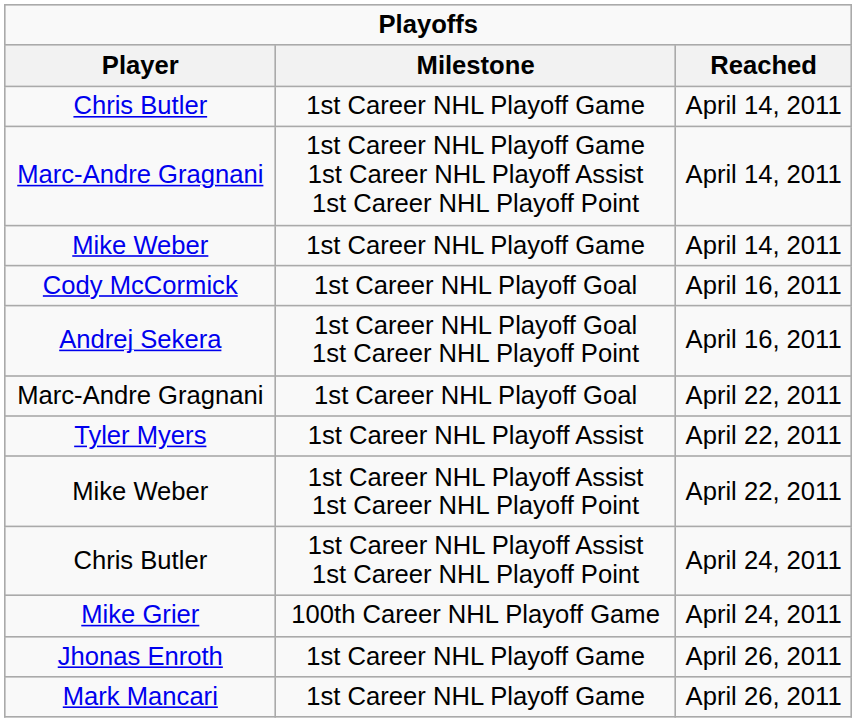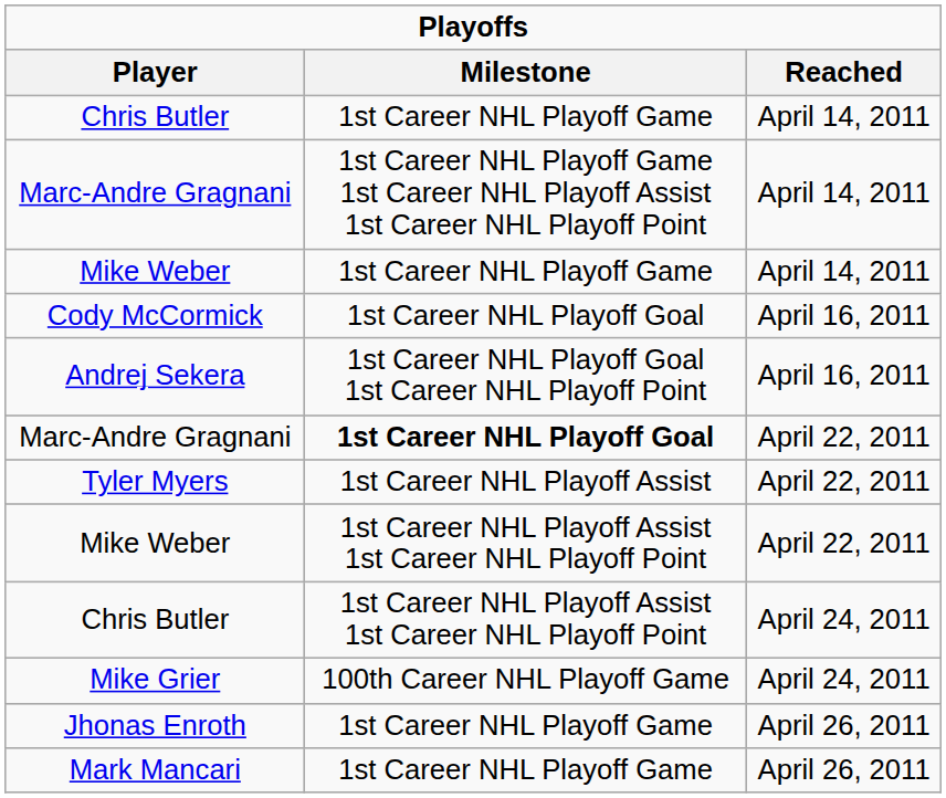 <table class="wikitable" width="60%" style="text-align:center">
 <tr>
 <td colspan="10" align="center"><strong>Playoffs</strong></td>
 </tr>
 <tr>
 <th>Player</th>
 <th>Milestone</th>
 <th>Reached</th>
 </tr>
 <tr>
 <td><a href='#'>Chris Butler</a></td>
 <td>1st Career NHL Playoff Game</td>
 <td>April 14, 2011</td>
 </tr>
 <tr>
 <td><a href='#'>Marc-Andre Gragnani</a></td>
 <td>1st Career NHL Playoff Game<br>1st Career NHL Playoff Assist<br>1st Career NHL Playoff Point</td>
 <td>April 14, 2011</td>
 </tr>
 <tr>
 <td><a href='#'>Mike Weber</a></td>
 <td>1st Career NHL Playoff Game</td>
 <td>April 14, 2011</td>
 </tr>
 <tr>
 <td><a href='#'>Cody McCormick</a></td>
 <td>1st Career NHL Playoff Goal</td>
 <td>April 16, 2011</td>
 </tr>
 <tr>
 <td><a href='#'>Andrej Sekera</a></td>
 <td>1st Career NHL Playoff Goal<br>1st Career NHL Playoff Point</td>
 <td>April 16, 2011</td>
 </tr>
 <tr>
 <td>Marc-Andre Gragnani</td>
-<td>1st Career NHL Playoff Goal</td>
+<td><strong>1st Career NHL Playoff Goal</strong></td>
 <td>April 22, 2011</td>
 </tr>
 <tr>
 <td><a href='#'>Tyler Myers</a></td>
 <td>1st Career NHL Playoff Assist</td>
 <td>April 22, 2011</td>
 </tr>
 <tr>
 <td>Mike Weber</td>
 <td>1st Career NHL Playoff Assist<br>1st Career NHL Playoff Point</td>
 <td>April 22, 2011</td>
 </tr>
 <tr>
 <td>Chris Butler</td>
 <td>1st Career NHL Playoff Assist<br>1st Career NHL Playoff Point</td>
 <td>April 24, 2011</td>
 </tr>
 <tr>
 <td><a href='#'>Mike Grier</a></td>
 <td>100th Career NHL Playoff Game</td>
 <td>April 24, 2011</td>
 </tr>
 <tr>
 <td><a href='#'>Jhonas Enroth</a></td>
 <td>1st Career NHL Playoff Game</td>
 <td>April 26, 2011</td>
 </tr>
 <tr>
 <td><a href='#'>Mark Mancari</a></td>
 <td>1st Career NHL Playoff Game</td>
 <td>April 26, 2011</td>
 </tr>
 </table>
